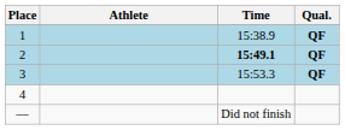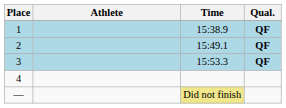 <table class=wikitable style="text-align:center">
 <tr>
 <th width=20>Place</th>
 <th width=220>Athlete</th>
 <th width=90>Time</th>
 <th width=50>Qual.</th>
 </tr>
 <tr>
 </tr>
 <tr bgcolor=lightblue>
 <td>1</td>
 <td align=left></td>
 <td>15:38.9</td>
 <td><strong>QF</strong></td>
 </tr>
 <tr bgcolor=lightblue>
 <td>2</td>
 <td align=left></td>
-<td><strong>15:49.1</strong></td>
+<td>15:49.1</td>
 <td><strong>QF</strong></td>
 </tr>
 <tr bgcolor=lightblue>
 <td>3</td>
 <td align=left></td>
 <td>15:53.3</td>
 <td><strong>QF</strong></td>
 </tr>
 <tr>
 <td>4</td>
 <td align=left></td>
 <td></td>
 <td></td>
 </tr>
 <tr>
 <td>—</td>
 <td align=left></td>
-<td>Did not finish</td>
+<td style="background: khaki;">Did not finish</td>
 <td></td>
 </tr>
 </table>
